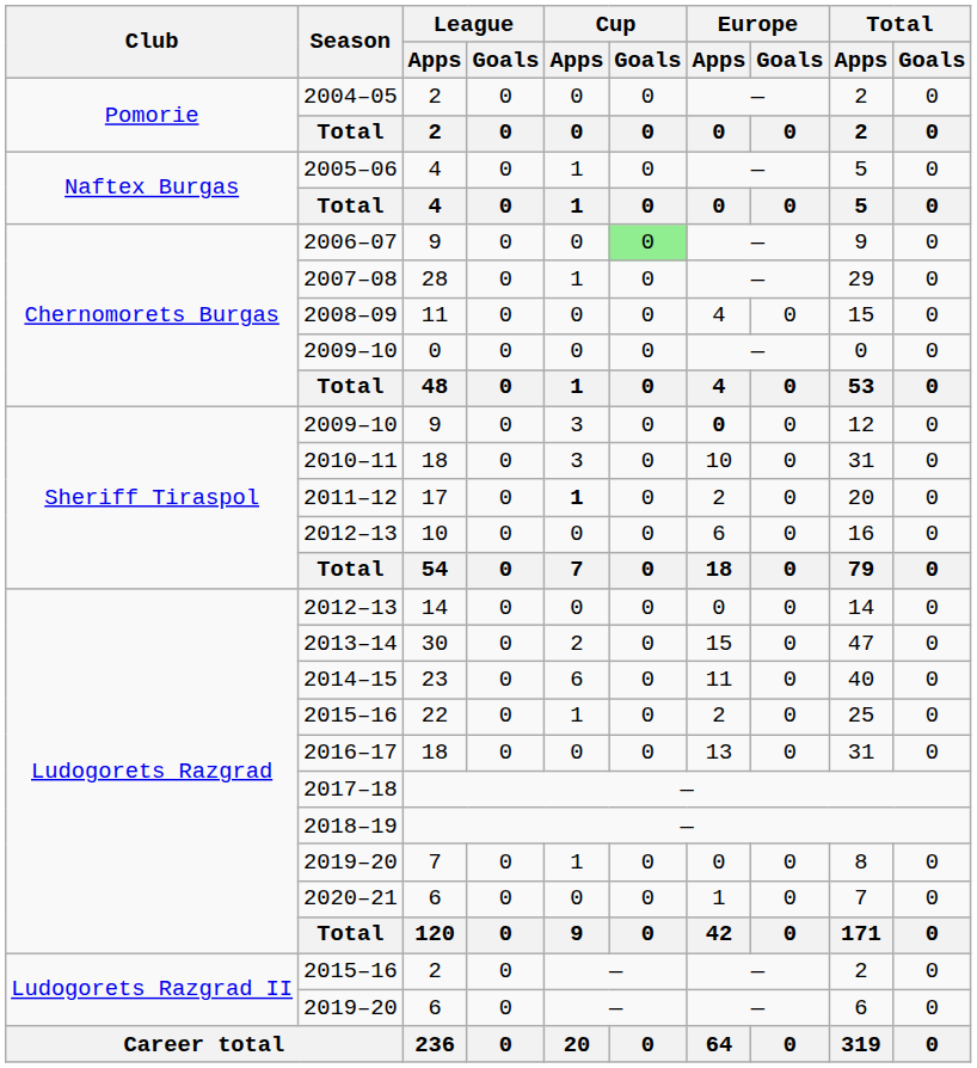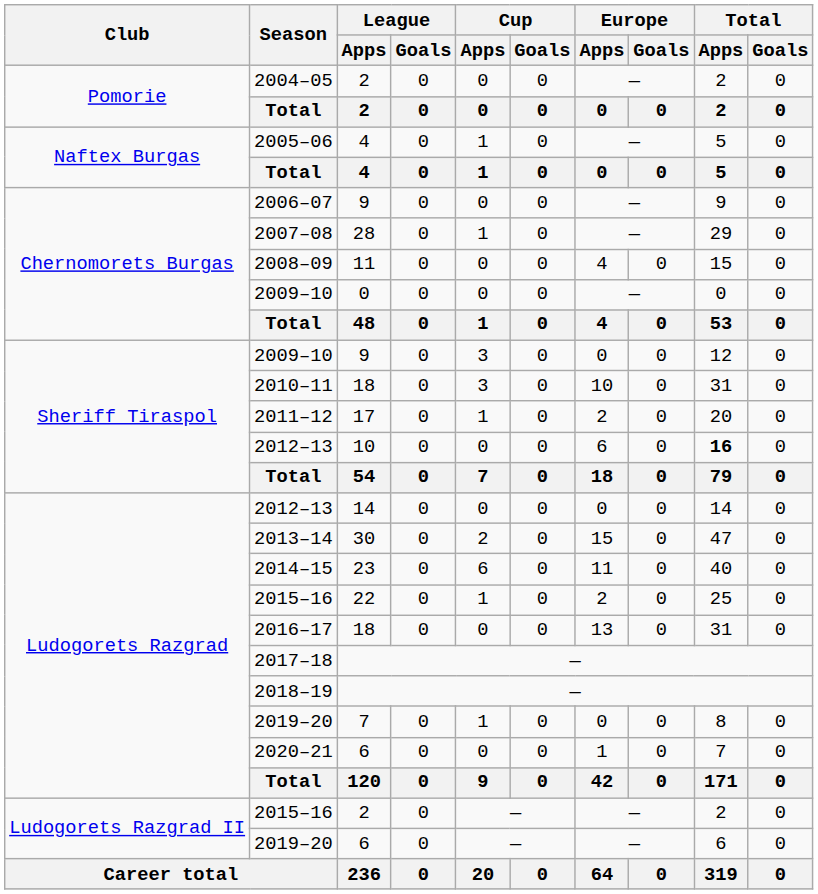 <table class="wikitable" style="text-align: center">
 <tr>
 <th rowspan=2>Club</th>
 <th rowspan=2>Season</th>
 <th colspan=2>League</th>
 <th colspan=2>Cup</th>
 <th colspan=2>Europe</th>
 <th colspan=2>Total</th>
 </tr>
 <tr>
 <th>Apps</th>
 <th>Goals</th>
 <th>Apps</th>
 <th>Goals</th>
 <th>Apps</th>
 <th>Goals</th>
 <th>Apps</th>
 <th>Goals</th>
 </tr>
 <tr>
 <td rowspan=2><a href='#'>Pomorie</a></td>
 <td>2004–05</td>
 <td>2</td>
 <td>0</td>
 <td>0</td>
 <td>0</td>
 <td colspan="2">—</td>
 <td>2</td>
 <td>0</td>
 </tr>
 <tr>
 <th colspan=1>Total</th>
 <th>2</th>
 <th>0</th>
 <th>0</th>
 <th>0</th>
 <th>0</th>
 <th>0</th>
 <th>2</th>
 <th>0</th>
 </tr>
 <tr>
 <td rowspan=2><a href='#'>Naftex Burgas</a></td>
 <td>2005–06</td>
 <td>4</td>
 <td>0</td>
 <td>1</td>
 <td>0</td>
 <td colspan="2">—</td>
 <td>5</td>
 <td>0</td>
 </tr>
 <tr>
 <th colspan=1>Total</th>
 <th>4</th>
 <th>0</th>
 <th>1</th>
 <th>0</th>
 <th>0</th>
 <th>0</th>
 <th>5</th>
 <th>0</th>
 </tr>
 <tr>
 <td rowspan=5><a href='#'>Chernomorets Burgas</a></td>
 <td>2006–07</td>
 <td>9</td>
 <td>0</td>
 <td>0</td>
-<td style="background: lightgreen;">0</td>
+<td>0</td>
 <td colspan="2">—</td>
 <td>9</td>
 <td>0</td>
 </tr>
 <tr>
 <td>2007–08</td>
 <td>28</td>
 <td>0</td>
 <td>1</td>
 <td>0</td>
 <td colspan="2">—</td>
 <td>29</td>
 <td>0</td>
 </tr>
 <tr>
 <td>2008–09</td>
 <td>11</td>
 <td>0</td>
 <td>0</td>
 <td>0</td>
 <td>4</td>
 <td>0</td>
 <td>15</td>
 <td>0</td>
 </tr>
 <tr>
 <td>2009–10</td>
 <td>0</td>
 <td>0</td>
 <td>0</td>
 <td>0</td>
 <td colspan="2">—</td>
 <td>0</td>
 <td>0</td>
 </tr>
 <tr>
 <th colspan=1>Total</th>
 <th>48</th>
 <th>0</th>
 <th>1</th>
 <th>0</th>
 <th>4</th>
 <th>0</th>
 <th>53</th>
 <th>0</th>
 </tr>
 <tr>
 <td rowspan=5><a href='#'>Sheriff Tiraspol</a></td>
 <td>2009–10</td>
 <td>9</td>
 <td>0</td>
 <td>3</td>
 <td>0</td>
-<td><strong>0</strong></td>
+<td>0</td>
 <td>0</td>
 <td>12</td>
 <td>0</td>
 </tr>
 <tr>
 <td>2010–11</td>
 <td>18</td>
 <td>0</td>
 <td>3</td>
 <td>0</td>
 <td>10</td>
 <td>0</td>
 <td>31</td>
 <td>0</td>
 </tr>
 <tr>
 <td>2011–12</td>
 <td>17</td>
 <td>0</td>
-<td><strong>1</strong></td>
+<td>1</td>
 <td>0</td>
 <td>2</td>
 <td>0</td>
 <td>20</td>
 <td>0</td>
 </tr>
 <tr>
 <td>2012–13</td>
 <td>10</td>
 <td>0</td>
 <td>0</td>
 <td>0</td>
 <td>6</td>
 <td>0</td>
-<td>16</td>
+<td><strong>16</strong></td>
 <td>0</td>
 </tr>
 <tr>
 <th colspan=1>Total</th>
 <th>54</th>
 <th>0</th>
 <th>7</th>
 <th>0</th>
 <th>18</th>
 <th>0</th>
 <th>79</th>
 <th>0</th>
 </tr>
 <tr>
 <td rowspan=10><a href='#'>Ludogorets Razgrad</a></td>
 <td>2012–13</td>
 <td>14</td>
 <td>0</td>
 <td>0</td>
 <td>0</td>
 <td>0</td>
 <td>0</td>
 <td>14</td>
 <td>0</td>
 </tr>
 <tr>
 <td>2013–14</td>
 <td>30</td>
 <td>0</td>
 <td>2</td>
 <td>0</td>
 <td>15</td>
 <td>0</td>
 <td>47</td>
 <td>0</td>
 </tr>
 <tr>
 <td>2014–15</td>
 <td>23</td>
 <td>0</td>
 <td>6</td>
 <td>0</td>
 <td>11</td>
 <td>0</td>
 <td>40</td>
 <td>0</td>
 </tr>
 <tr>
 <td>2015–16</td>
 <td>22</td>
 <td>0</td>
 <td>1</td>
 <td>0</td>
 <td>2</td>
 <td>0</td>
 <td>25</td>
 <td>0</td>
 </tr>
 <tr>
 <td>2016–17</td>
 <td>18</td>
 <td>0</td>
 <td>0</td>
 <td>0</td>
 <td>13</td>
 <td>0</td>
 <td>31</td>
 <td>0</td>
 </tr>
 <tr>
 <td>2017–18</td>
 <td colspan="8">—</td>
 </tr>
 <tr>
 <td>2018–19</td>
 <td colspan="8">—</td>
 </tr>
 <tr>
 <td>2019–20</td>
 <td>7</td>
 <td>0</td>
 <td>1</td>
 <td>0</td>
 <td>0</td>
 <td>0</td>
 <td>8</td>
 <td>0</td>
 </tr>
 <tr>
 <td>2020–21</td>
 <td>6</td>
 <td>0</td>
 <td>0</td>
 <td>0</td>
 <td>1</td>
 <td>0</td>
 <td>7</td>
 <td>0</td>
 </tr>
 <tr>
 <th colspan=1>Total</th>
 <th>120</th>
 <th>0</th>
 <th>9</th>
 <th>0</th>
 <th>42</th>
 <th>0</th>
 <th>171</th>
 <th>0</th>
 </tr>
 <tr>
 <td rowspan=2><a href='#'>Ludogorets Razgrad II</a></td>
 <td>2015–16</td>
 <td>2</td>
 <td>0</td>
 <td colspan="2">—</td>
 <td colspan="2">—</td>
 <td>2</td>
 <td>0</td>
 </tr>
 <tr>
 <td>2019–20</td>
 <td>6</td>
 <td>0</td>
 <td colspan="2">—</td>
 <td colspan="2">—</td>
 <td>6</td>
 <td>0</td>
 </tr>
 <tr>
 <th colspan=2>Career total</th>
 <th>236</th>
 <th>0</th>
 <th>20</th>
 <th>0</th>
 <th>64</th>
 <th>0</th>
 <th>319</th>
 <th>0</th>
 </tr>
 </table>
